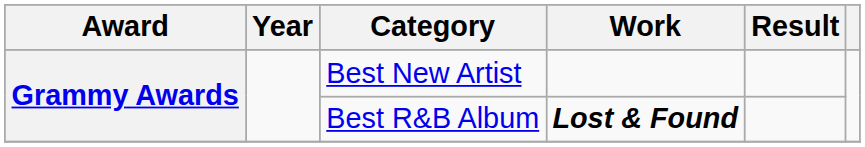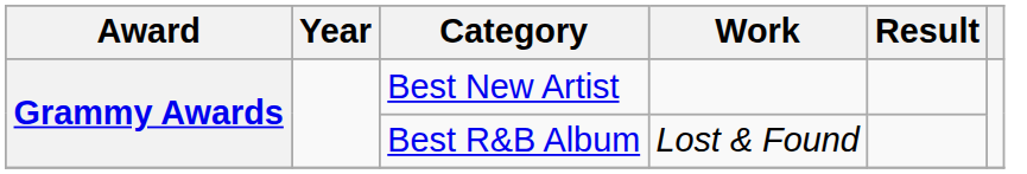 <table class="wikitable sortable plainrowheaders">
 <tr>
 <th scope="col">Award</th>
 <th scope="col">Year</th>
 <th scope="col">Category</th>
 <th scope="col">Work</th>
 <th scope="col">Result</th>
 <th scope="col" class="unsortable"></th>
 </tr>
 <tr>
 <th scope="row" rowspan="2"><a href='#'>Grammy Awards</a></th>
 <td rowspan="2"></td>
 <td><a href='#'>Best New Artist</a></td>
 <td></td>
 <td></td>
 <td rowspan="2"></td>
 </tr>
 <tr>
 <td><a href='#'>Best R&B Album</a></td>
-<td><strong><em>Lost & Found</em></strong></td>
+<td><em>Lost & Found</em></td>
 <td></td>
 </tr>
 <tr>
 </tr>
 </table>
